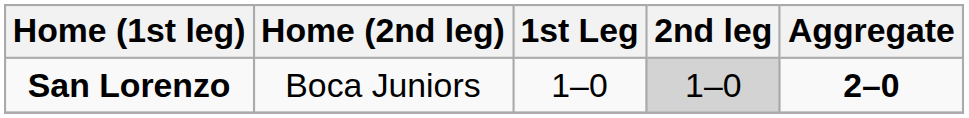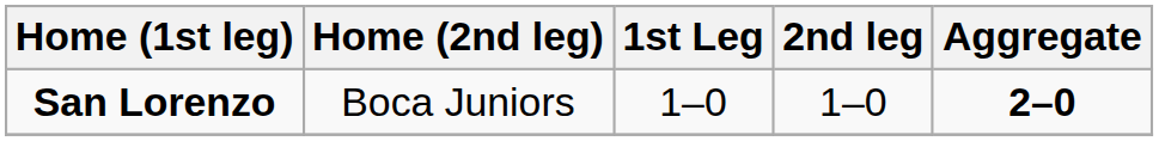 <table class="wikitable" style="text-align: center;">
 <tr>
 <th>Home (1st leg)</th>
 <th>Home (2nd leg)</th>
 <th>1st Leg</th>
 <th>2nd leg</th>
 <th>Aggregate</th>
 </tr>
 <tr>
 <td><strong>San Lorenzo</strong></td>
 <td>Boca Juniors</td>
 <td>1–0</td>
-<td style="background: lightgrey;">1–0</td>
+<td>1–0</td>
 <td><strong>2–0</strong></td>
 </tr>
 <tr>
 </tr>
 </table>
